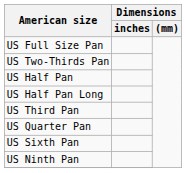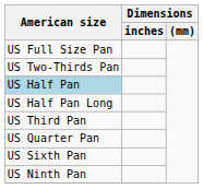 <table class="wikitable sortable">
 <tr>
 <th rowspan=2>American size</th>
 <th colspan=2>Dimensions</th>
 </tr>
 <tr>
 <th>inches</th>
 <th>(mm)</th>
 </tr>
 <tr>
 <td>US Full Size Pan</td>
 <td></td>
 </tr>
 <tr>
 <td>US Two-Thirds Pan</td>
 <td></td>
 </tr>
 <tr>
-<td>US Half Pan</td>
+<td style="background: lightblue;">US Half Pan</td>
 <td></td>
 </tr>
 <tr>
 <td>US Half Pan Long</td>
 <td></td>
 </tr>
 <tr>
 <td>US Third Pan</td>
 <td></td>
 </tr>
 <tr>
 <td>US Quarter Pan</td>
 <td></td>
 </tr>
 <tr>
 <td>US Sixth Pan</td>
 <td></td>
 </tr>
 <tr>
 <td>US Ninth Pan</td>
 <td></td>
 </tr>
 <tr>
 </tr>
 </table>
